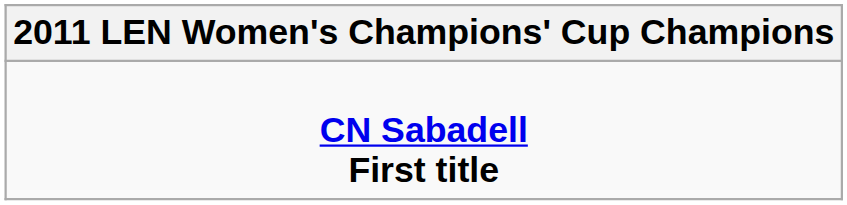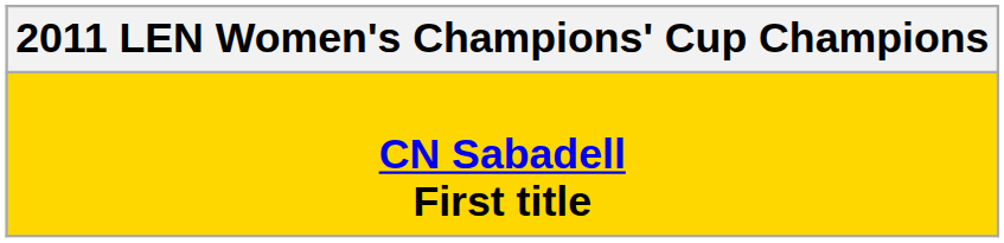 <table class=wikitable style="text-align:center; margin:auto">
 <tr>
 <th>2011 LEN Women's Champions' Cup Champions</th>
 </tr>
 <tr>
-<td><br> <strong><a href='#'>CN Sabadell</a></strong> <br> <strong>First title</strong></td>
+<td style="background: gold;"><br> <strong><a href='#'>CN Sabadell</a></strong> <br> <strong>First title</strong></td>
 </tr>
 </table>
